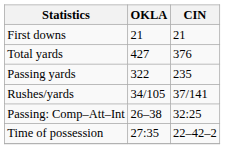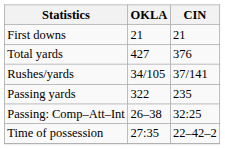 <table class="wikitable" style="float: left;">
 <tr>
 <th>Statistics</th>
 <th>OKLA</th>
 <th>CIN</th>
 </tr>
 <tr>
 <td>First downs</td>
 <td>21</td>
 <td>21</td>
 </tr>
 <tr>
 <td>Total yards</td>
 <td>427</td>
 <td>376</td>
 </tr>
 <tr>
+<td>Rushes/yards</td>
+<td>34/105</td>
+<td>37/141</td>
+</tr>
+<tr>
 <td>Passing yards</td>
 <td>322</td>
 <td>235</td>
-</tr>
-<tr>
-<td>Rushes/yards</td>
-<td>34/105</td>
-<td>37/141</td>
 </tr>
 <tr>
 <td>Passing: Comp–Att–Int</td>
 <td>26–38</td>
 <td>32:25</td>
 </tr>
 <tr>
 <td>Time of possession</td>
 <td>27:35</td>
 <td>22–42–2</td>
 </tr>
 <tr>
 </tr>
 </table>
